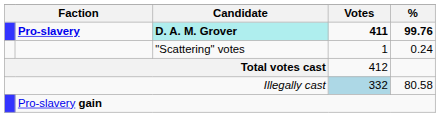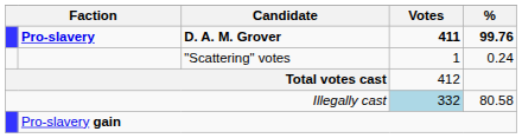 <table class="wikitable plainrowheaders" style="text-align:center;">
 <tr>
 </tr>
 <tr>
 <th scope="col" colspan="2" style="width: 15em">Faction</th>
 <th scope="col" style="width: 15em">Candidate</th>
 <th scope="col" style="width: 5em">Votes</th>
 <th scope="col" style="width: 3.5em">%</th>
 </tr>
 <tr>
 <td style="width: 0.5em; background-color:#3333FF"></td>
 <td style="text-align: left"><strong><a href='#'>Pro-slavery</a></strong></td>
-<td style="background: paleturquoise; text-align: left"><strong>D. A. M. Grover</strong></td>
+<td style="text-align: left"><strong>D. A. M. Grover</strong></td>
 <td style="text-align: right; margin-right: 0.5em"><strong>411</strong></td>
 <td style="text-align: right; margin-right: 0.5em"><strong>99.76</strong></td>
 </tr>
 <tr>
 <td style="width: 0.5em"></td>
 <td style="text-align: left"></td>
 <td style="text-align: left">"Scattering" votes</td>
 <td style="text-align: right; margin-right: 0.5em">1</td>
 <td style="text-align: right; margin-right: 0.5em">0.24</td>
 </tr>
 <tr>
 <th colspan="3" style="text-align:right;">Total votes cast</th>
 <td style="text-align:right;">412</td>
 <td style="text-align:right;"></td>
 </tr>
 <tr>
 <td colspan="3" style="text-align:right;"><em>Illegally cast</em></td>
 <td style="background: lightblue; text-align:right;">332</td>
 <td style="text-align:right;">80.58</td>
 </tr>
 <tr>
 <td style="width: 0.5em; background-color:#3333FF"></td>
 <td colspan="4" style="text-align:left;"><a href='#'>Pro-slavery</a> <strong>gain</strong></td>
 </tr>
 </table>
